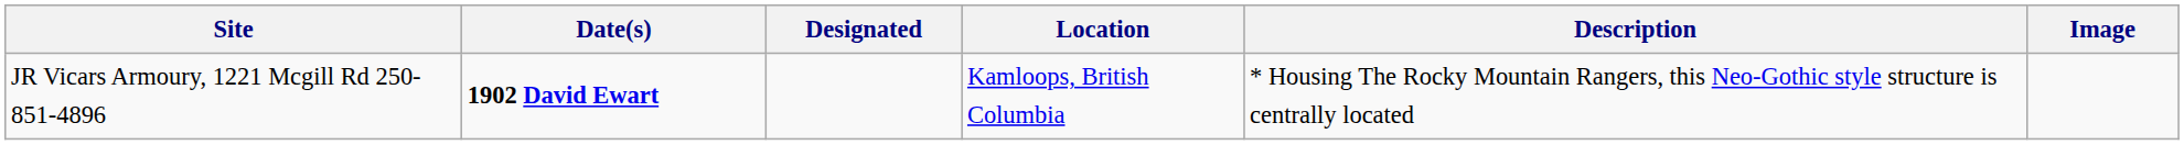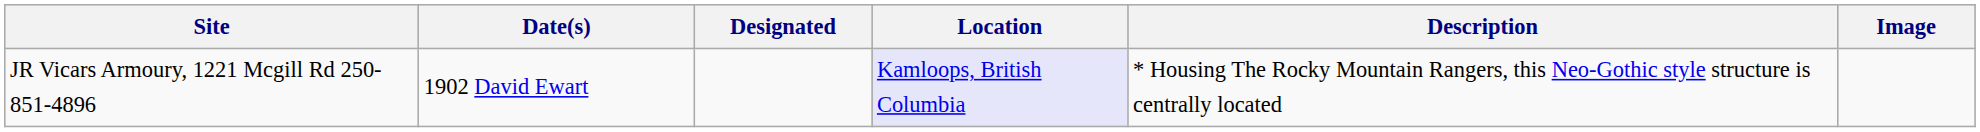 <table class="wikitable sortable" style="font-size:90%;width:100%;border:0px;text-align:left;line-height:150%;">
 <tr>
 <th style="background: #f2f2f2; color: #000080" width="21%">Site</th>
 <th style="background: #f2f2f2; color: #000080" width="14%">Date(s)</th>
 <th style="background: #f2f2f2; color: #000080" width="9%">Designated</th>
 <th style="background: #f2f2f2; color: #000080" width="13%">Location</th>
 <th style="background: #f2f2f2; color: #000080" width="36%" class="unsortable">Description</th>
 <th style="background: #f2f2f2; color: #000080" width="7%" class="unsortable">Image</th>
 </tr>
 <tr>
 <td>JR Vicars Armoury, 1221 Mcgill Rd 250-851-4896</td>
-<td><strong>1902 <a href='#'>David Ewart</a></strong></td>
+<td>1902 <a href='#'>David Ewart</a></td>
 <td></td>
-<td><a href='#'>Kamloops, British Columbia</a></td>
+<td style="background: lavender;"><a href='#'>Kamloops, British Columbia</a></td>
 <td>* Housing The Rocky Mountain Rangers, this <a href='#'>Neo-Gothic style</a> structure is centrally located</td>
 <td></td>
 </tr>
 <tr>
 </tr>
 </table>
